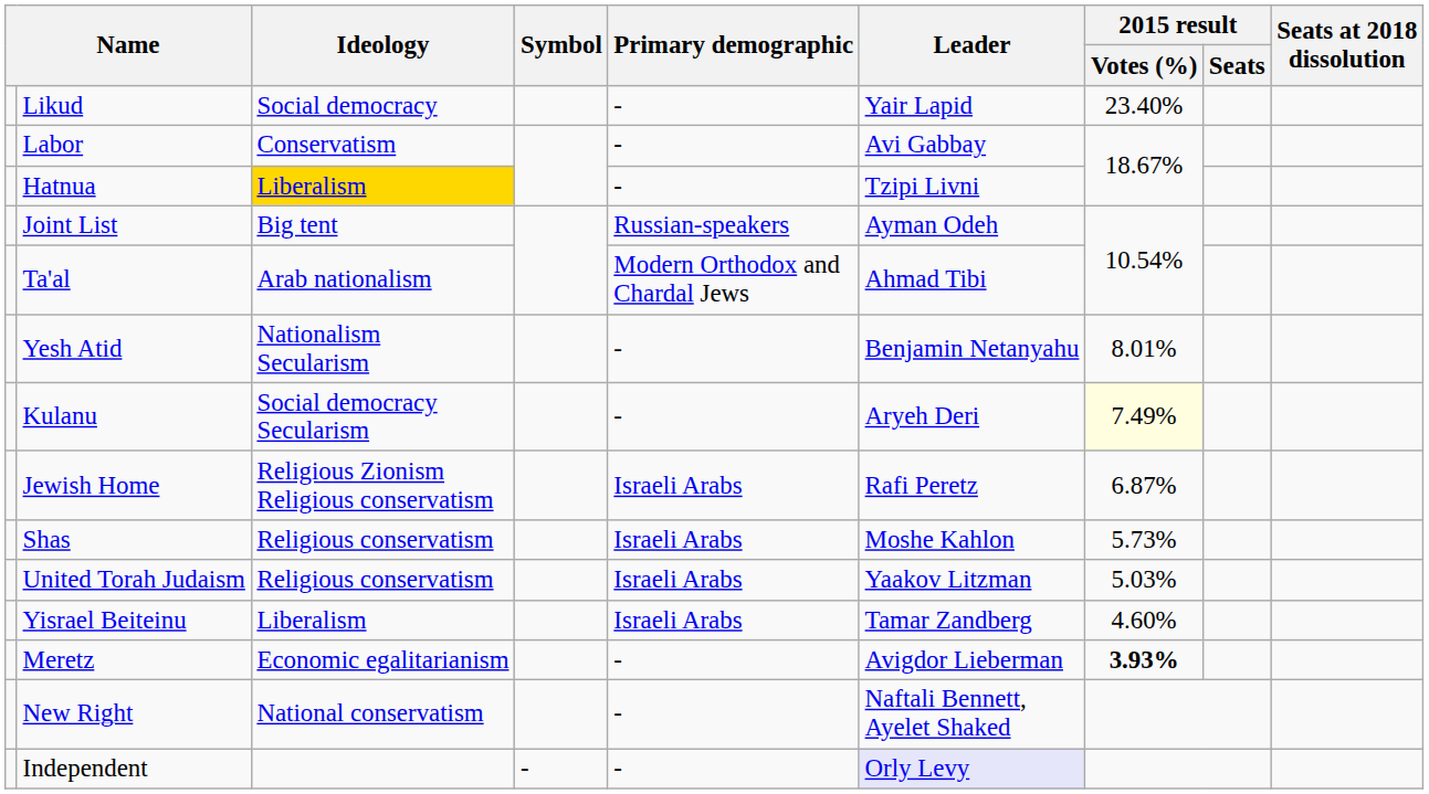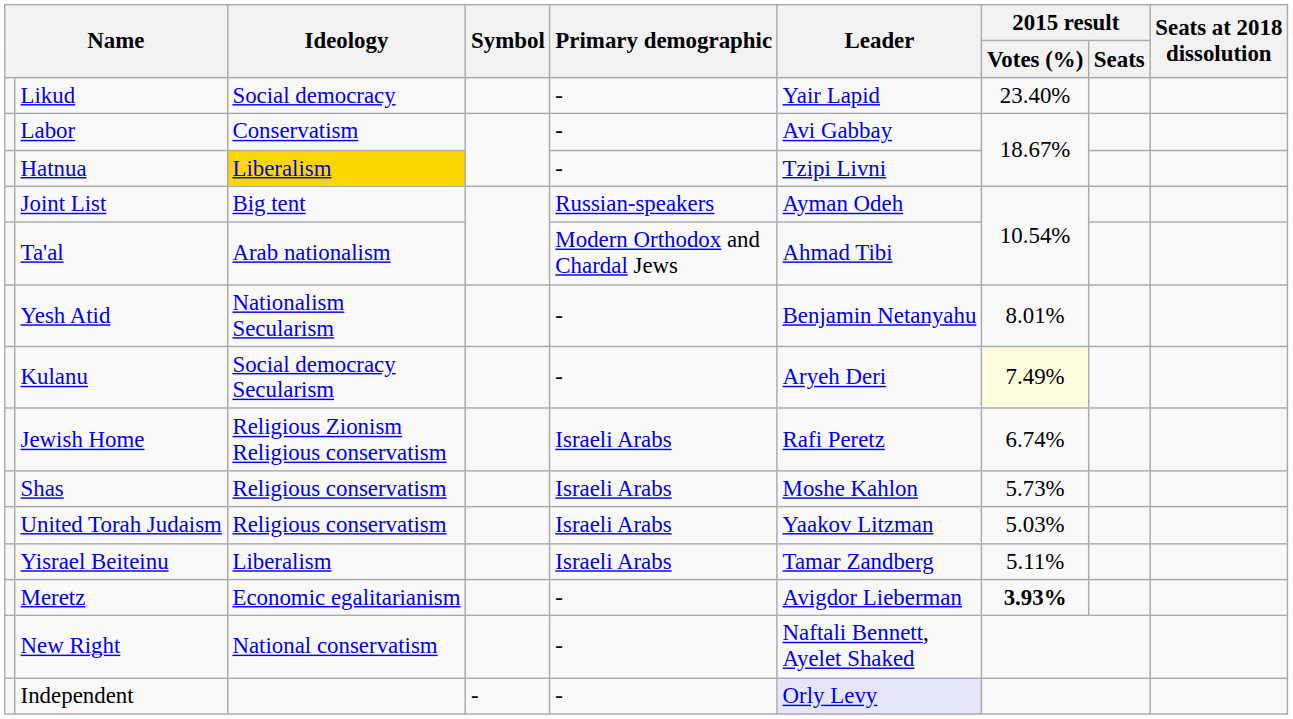 <table class="wikitable">
 <tr>
 <th rowspan="2" colspan=2>Name</th>
 <th rowspan="2">Ideology</th>
 <th rowspan="2">Symbol</th>
 <th rowspan="2">Primary demographic</th>
 <th rowspan="2">Leader</th>
 <th colspan="2">2015 result</th>
 <th rowspan="2">Seats at 2018<br>dissolution</th>
 </tr>
 <tr>
 <th>Votes (%)</th>
 <th>Seats</th>
 </tr>
 <tr>
 <td style="background:"></td>
 <td><a href='#'>Likud</a></td>
 <td><a href='#'>Social democracy</a></td>
 <td></td>
 <td>-</td>
 <td><a href='#'>Yair Lapid</a></td>
 <td style="text-align:center;">23.40%</td>
 <td></td>
 <td></td>
 </tr>
 <tr>
 <td style="background:"></td>
 <td><a href='#'>Labor</a></td>
 <td><a href='#'>Conservatism</a></td>
 <td rowspan=2></td>
 <td>-</td>
 <td><a href='#'>Avi Gabbay</a></td>
 <td style="text-align:center;" rowspan=2>18.67%</td>
 <td></td>
 <td></td>
 </tr>
 <tr>
 <td style="background:"></td>
 <td><a href='#'>Hatnua</a></td>
 <td style="background: gold;"><a href='#'>Liberalism</a></td>
 <td>-</td>
 <td><a href='#'>Tzipi Livni</a></td>
 <td></td>
 <td></td>
 </tr>
 <tr>
 <td style="background:"></td>
 <td><a href='#'>Joint List</a></td>
 <td><a href='#'>Big tent</a></td>
 <td rowspan=2></td>
 <td><a href='#'>Russian-speakers</a></td>
 <td><a href='#'>Ayman Odeh</a></td>
 <td style="text-align:center;" rowspan=2>10.54%</td>
 <td></td>
 <td></td>
 </tr>
 <tr>
 <td style="background:"></td>
 <td><a href='#'>Ta'al</a></td>
 <td><a href='#'>Arab nationalism</a></td>
 <td><a href='#'>Modern Orthodox</a> and<br><a href='#'>Chardal</a> Jews</td>
 <td><a href='#'>Ahmad Tibi</a></td>
 <td></td>
 <td></td>
 </tr>
 <tr>
 <td style="background:"></td>
 <td><a href='#'>Yesh Atid</a></td>
 <td><a href='#'>Nationalism</a><br><a href='#'>Secularism</a></td>
 <td></td>
 <td>-</td>
 <td><a href='#'>Benjamin Netanyahu</a></td>
 <td style="text-align:center;">8.01%</td>
 <td></td>
 <td></td>
 </tr>
 <tr>
 <td style="background:"></td>
 <td><a href='#'>Kulanu</a></td>
 <td><a href='#'>Social democracy</a><br><a href='#'>Secularism</a></td>
 <td></td>
 <td>-</td>
 <td><a href='#'>Aryeh Deri</a></td>
 <td style="background: lightyellow; text-align:center;">7.49%</td>
 <td></td>
 <td></td>
 </tr>
 <tr>
 <td style="background:"></td>
 <td><a href='#'>Jewish Home</a></td>
 <td><a href='#'>Religious Zionism</a><br><a href='#'>Religious conservatism</a></td>
 <td></td>
 <td><a href='#'>Israeli Arabs</a></td>
 <td><a href='#'>Rafi Peretz</a></td>
-<td style="text-align:center;">6.87%</td>
+<td style="text-align:center;">6.74%</td>
 <td></td>
 <td></td>
 </tr>
 <tr>
 <td style="background:"></td>
 <td><a href='#'>Shas</a></td>
 <td><a href='#'>Religious conservatism</a></td>
 <td></td>
 <td><a href='#'>Israeli Arabs</a></td>
 <td><a href='#'>Moshe Kahlon</a></td>
 <td style="text-align:center;">5.73%</td>
 <td></td>
 <td></td>
 </tr>
 <tr>
 <td style="background:"></td>
 <td><a href='#'>United Torah Judaism</a></td>
 <td><a href='#'>Religious conservatism</a></td>
 <td></td>
 <td><a href='#'>Israeli Arabs</a></td>
 <td><a href='#'>Yaakov Litzman</a></td>
 <td style="text-align:center;">5.03%</td>
 <td></td>
 <td></td>
 </tr>
 <tr>
 <td style="background:"></td>
 <td><a href='#'>Yisrael Beiteinu</a></td>
 <td><a href='#'>Liberalism</a></td>
 <td></td>
 <td><a href='#'>Israeli Arabs</a></td>
 <td><a href='#'>Tamar Zandberg</a></td>
-<td style="text-align:center;">4.60%</td>
+<td style="text-align:center;">5.11%</td>
 <td></td>
 <td></td>
 </tr>
 <tr>
 <td style="background:"></td>
 <td><a href='#'>Meretz</a></td>
 <td><a href='#'>Economic egalitarianism</a></td>
 <td></td>
 <td>-</td>
 <td><a href='#'>Avigdor Lieberman</a></td>
 <td style="text-align:center;"><strong>3.93%</strong></td>
 <td></td>
 <td></td>
 </tr>
 <tr>
 <td style="background: "></td>
 <td><a href='#'>New Right</a></td>
 <td><a href='#'>National conservatism</a></td>
 <td></td>
 <td>-</td>
 <td><a href='#'>Naftali Bennett</a>,<br><a href='#'>Ayelet Shaked</a></td>
 <td colspan="2"></td>
 <td></td>
 </tr>
 <tr>
 <td style="background:"></td>
 <td>Independent</td>
 <td></td>
 <td>-</td>
 <td>-</td>
 <td style="background: lavender;"><a href='#'>Orly Levy</a></td>
 <td colspan="2"></td>
 <td></td>
 </tr>
 </table>
